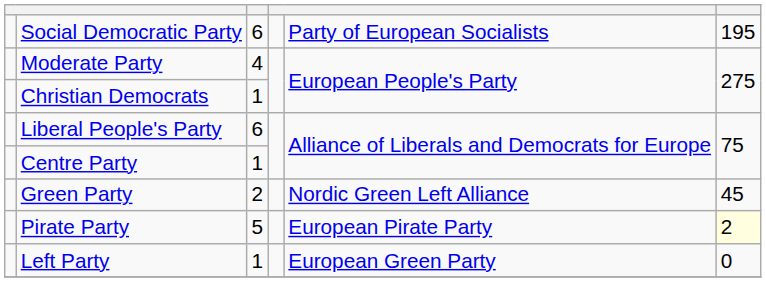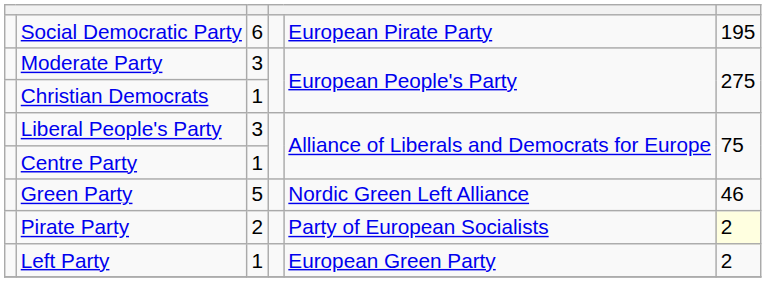 <table class="wikitable" style="font-size:90%;">
 <tr>
 <th colspan=2></th>
 <th></th>
 <th colspan=2></th>
 <th></th>
 </tr>
 <tr>
 <td width=1px style="background-color: "></td>
 <td><a href='#'>Social Democratic Party</a></td>
 <td>6</td>
 <td width=1px> </td>
-<td><a href='#'>Party of European Socialists</a></td>
+<td><a href='#'>European Pirate Party</a></td>
 <td>195</td>
 </tr>
 <tr>
 <td width=1px style="background-color: "></td>
 <td><a href='#'>Moderate Party</a></td>
-<td>4</td>
+<td>3</td>
 <td rowspan="2" width=1px> </td>
 <td rowspan="2"><a href='#'>European People's Party</a></td>
 <td rowspan="2">275</td>
 </tr>
 <tr>
 <td width=1px style="background-color: "></td>
 <td><a href='#'>Christian Democrats</a></td>
 <td>1</td>
 </tr>
 <tr>
 <td width=1px style="background-color: "></td>
 <td><a href='#'>Liberal People's Party</a></td>
-<td>6</td>
+<td>3</td>
 <td rowspan="2" width=1px> </td>
 <td rowspan="2"><a href='#'>Alliance of Liberals and Democrats for Europe</a></td>
 <td rowspan="2">75</td>
 </tr>
 <tr>
 <td width=1px style="background-color: "></td>
 <td><a href='#'>Centre Party</a></td>
 <td>1</td>
 </tr>
 <tr>
 <td width=1px style="background-color: "></td>
 <td><a href='#'>Green Party</a></td>
-<td>2</td>
+<td>5</td>
 <td width=1px style="background-color: "></td>
 <td><a href='#'>Nordic Green Left Alliance</a></td>
-<td>45</td>
+<td>46</td>
 </tr>
 <tr>
 <td width=1px style="background-color: "></td>
 <td><a href='#'>Pirate Party</a></td>
-<td>5</td>
+<td>2</td>
 <td width=1px></td>
-<td><a href='#'>European Pirate Party</a></td>
+<td><a href='#'>Party of European Socialists</a></td>
 <td style="background: lightyellow;">2</td>
 </tr>
 <tr>
 <td width=1px style="background-color: "></td>
 <td><a href='#'>Left Party</a></td>
 <td>1</td>
 <td width=1px style="background-color: "></td>
 <td><a href='#'>European Green Party</a></td>
-<td>0</td>
+<td>2</td>
 </tr>
 <tr>
 </tr>
 </table>
